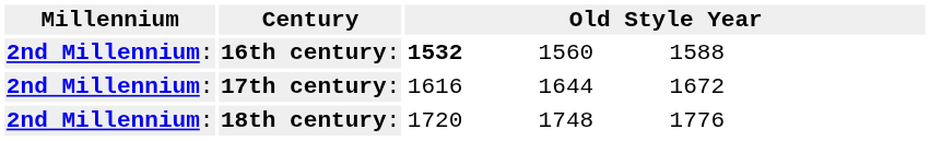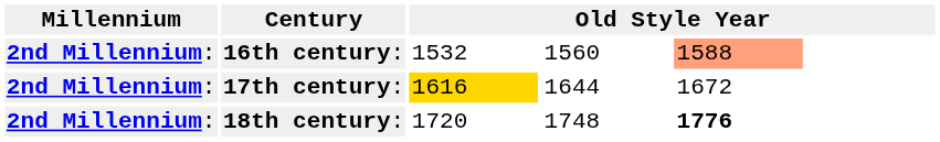 <table>
 <tr style="background-color:#efefef;">
 <th>Millennium</th>
 <th>Century</th>
 <th align="center" colspan="11">Old Style Year</th>
 </tr>
 <tr>
 <td style="background-color:#efefef;"><strong><a href='#'>2nd Millennium</a></strong>:</td>
 <td style="background-color:#efefef;"><strong>16th century</strong>:</td>
-<td width=70px><strong>1532</strong></td>
+<td width=70px>1532</td>
 <td width=70px>1560</td>
-<td width=70px>1588</td>
+<td width=70px style="background: lightsalmon;">1588</td>
 <td width=70px> </td>
 </tr>
 <tr>
 <td style="background-color:#efefef;"><strong><a href='#'>2nd Millennium</a></strong>:</td>
 <td style="background-color:#efefef;"><strong>17th century</strong>:</td>
-<td width=70px>1616</td>
+<td width=70px style="background: gold;">1616</td>
 <td width=70px>1644</td>
 <td width=70px>1672</td>
 <td width=70px> </td>
 </tr>
 <tr>
 <td style="background-color:#efefef;"><strong><a href='#'>2nd Millennium</a></strong>:</td>
 <td style="background-color:#efefef;"><strong>18th century</strong>:</td>
 <td width=70px>1720</td>
 <td width=70px>1748</td>
-<td width=70px>1776</td>
+<td width=70px><strong>1776</strong></td>
 <td width=70px> </td>
 </tr>
 </table>
